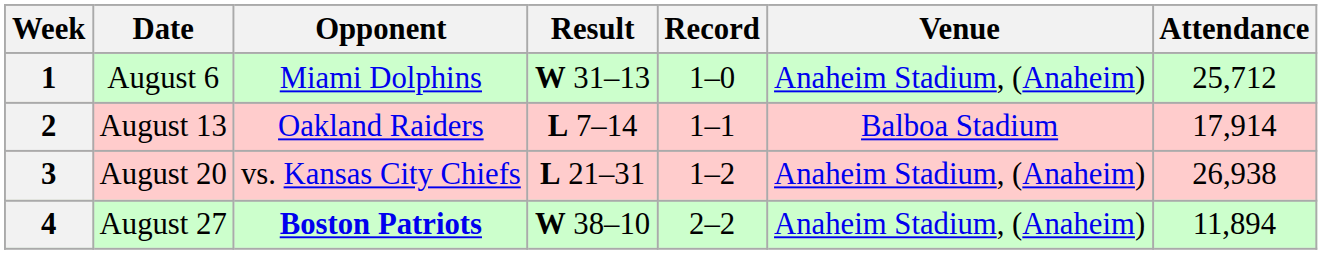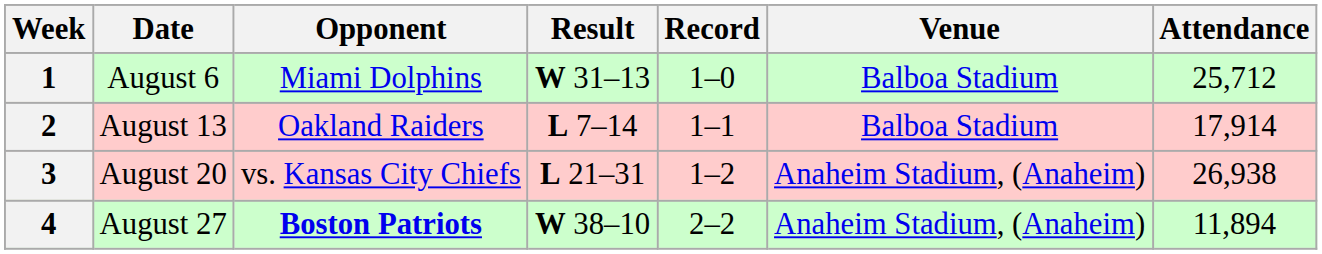 <table class="wikitable" style="text-align:center">
 <tr>
 <th>Week</th>
 <th>Date</th>
 <th>Opponent</th>
 <th>Result</th>
 <th>Record</th>
 <th>Venue</th>
 <th>Attendance</th>
 </tr>
 <tr style="background:#cfc">
 <th>1</th>
 <td>August 6</td>
 <td><a href='#'>Miami Dolphins</a></td>
 <td><strong>W</strong> 31–13</td>
 <td>1–0</td>
-<td><a href='#'>Anaheim Stadium</a>, (<a href='#'>Anaheim</a>)</td>
+<td><a href='#'>Balboa Stadium</a></td>
 <td>25,712</td>
 </tr>
 <tr style="background:#fcc">
 <th>2</th>
 <td>August 13</td>
 <td><a href='#'>Oakland Raiders</a></td>
 <td><strong>L</strong> 7–14</td>
 <td>1–1</td>
 <td><a href='#'>Balboa Stadium</a></td>
 <td>17,914</td>
 </tr>
 <tr style="background:#fcc">
 <th>3</th>
 <td>August 20</td>
 <td>vs. <a href='#'>Kansas City Chiefs</a></td>
 <td><strong>L</strong> 21–31</td>
 <td>1–2</td>
 <td><a href='#'>Anaheim Stadium</a>, (<a href='#'>Anaheim</a>)</td>
 <td>26,938</td>
 </tr>
 <tr style="background:#cfc">
 <th>4</th>
 <td>August 27</td>
 <td><strong><a href='#'>Boston Patriots</a></strong></td>
 <td><strong>W</strong> 38–10</td>
 <td>2–2</td>
 <td><a href='#'>Anaheim Stadium</a>, (<a href='#'>Anaheim</a>)</td>
 <td>11,894</td>
 </tr>
 </table>
